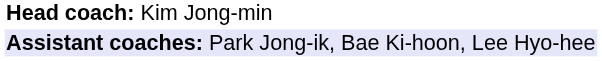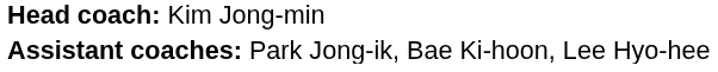 <table>
 <tr>
 <td><strong>Head coach:</strong>  Kim Jong-min</td>
 </tr>
 <tr>
-<td style="background: lavender;"><strong>Assistant coaches:</strong> Park Jong-ik, Bae Ki-hoon, Lee Hyo-hee</td>
+<td><strong>Assistant coaches:</strong> Park Jong-ik, Bae Ki-hoon, Lee Hyo-hee</td>
 </tr>
 </table>
